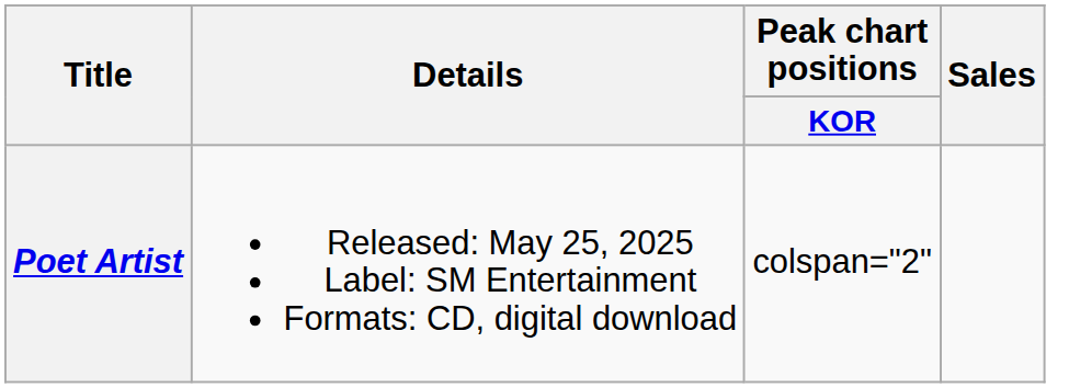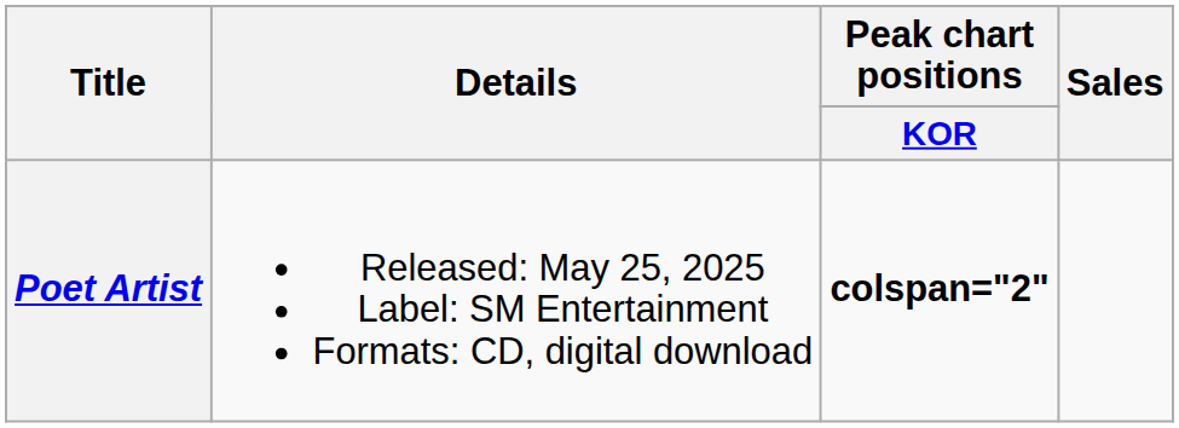 <table class="wikitable plainrowheaders" style="text-align:center;">
 <tr>
 <th scope="col" rowspan="2">Title</th>
 <th scope="col" rowspan="2">Details</th>
 <th scope="col">Peak chart positions</th>
 <th scope="col" rowspan="2">Sales</th>
 </tr>
 <tr>
 <th scope="col" style="width:3em;font-size:90%;"><a href='#'>KOR</a></th>
 </tr>
 <tr>
 <th scope="row"><em><a href='#'>Poet  Artist</a></em></th>
 <td><br><ul><li>Released: May 25, 2025</li><li>Label: SM Entertainment</li><li>Formats: CD, digital download</li></ul></td>
-<td>colspan="2" </td>
+<td><strong>colspan="2" </strong></td>
 </tr>
 </table>
